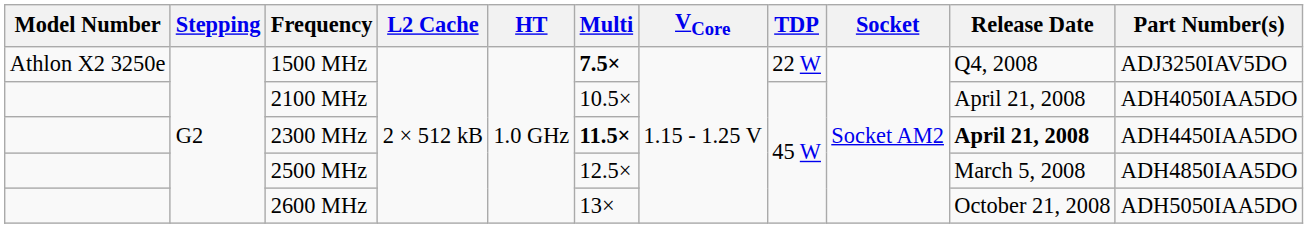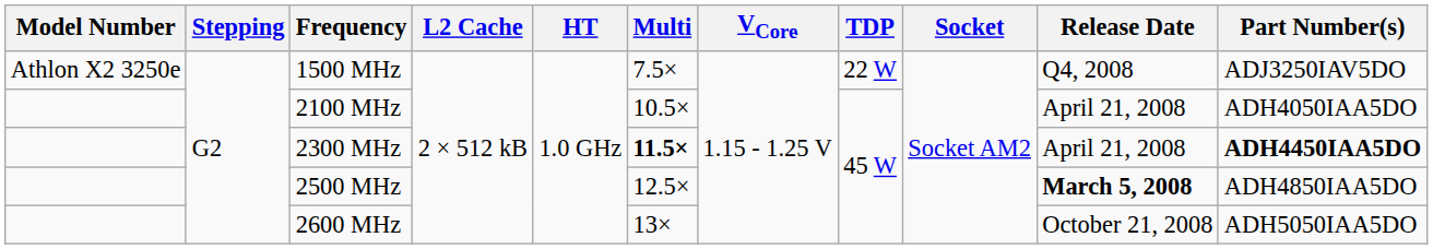 <table class="wikitable">
 <tr>
 <th>Model Number</th>
 <th><a href='#'>Stepping</a></th>
 <th>Frequency</th>
 <th><a href='#'>L2 Cache</a></th>
 <th><a href='#'>HT</a></th>
 <th><a href='#'>Multi</a></th>
 <th><a href='#'>V<sub>Core</sub></a></th>
 <th><a href='#'>TDP</a></th>
 <th><a href='#'>Socket</a></th>
 <th>Release Date</th>
 <th>Part Number(s)</th>
 </tr>
 <tr>
 <td>Athlon X2 3250e</td>
 <td rowspan="5">G2</td>
 <td>1500 MHz</td>
 <td rowspan="5">2 × 512 kB</td>
 <td rowspan="5">1.0 GHz</td>
-<td><strong>7.5×</strong></td>
+<td>7.5×</td>
 <td rowspan="5">1.15 - 1.25 V</td>
 <td>22 <a href='#'>W</a></td>
 <td rowspan="5"><a href='#'>Socket AM2</a></td>
 <td>Q4, 2008</td>
 <td>ADJ3250IAV5DO</td>
 </tr>
 <tr>
 <td></td>
 <td>2100 MHz</td>
 <td>10.5×</td>
 <td rowspan="4">45 <a href='#'>W</a></td>
 <td>April 21, 2008</td>
 <td>ADH4050IAA5DO</td>
 </tr>
 <tr>
 <td></td>
 <td>2300 MHz</td>
 <td><strong>11.5×</strong></td>
-<td><strong>April 21, 2008</strong></td>
-<td>ADH4450IAA5DO</td>
+<td>April 21, 2008</td>
+<td><strong>ADH4450IAA5DO</strong></td>
 </tr>
 <tr>
 <td></td>
 <td>2500 MHz</td>
 <td>12.5×</td>
-<td>March 5, 2008</td>
+<td><strong>March 5, 2008</strong></td>
 <td>ADH4850IAA5DO</td>
 </tr>
 <tr>
 <td></td>
 <td>2600 MHz</td>
 <td>13×</td>
 <td>October 21, 2008</td>
 <td>ADH5050IAA5DO</td>
 </tr>
 </table>
